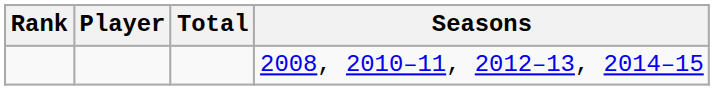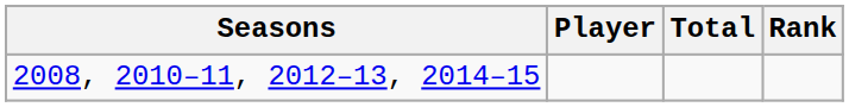 <table class="sortable wikitable" style="font-size:90%;">
 <tr>
-<th class=unsortable>Rank</th>
+<th class="unsortable">Seasons</th>
 <th>Player</th>
 <th>Total</th>
-<th class="unsortable">Seasons</th>
+<th class=unsortable>Rank</th>
 </tr>
 <tr>
-<td></td>
+<td><a href='#'>2008</a>, <a href='#'>2010–11</a>, <a href='#'>2012–13</a>, <a href='#'>2014–15</a></td>
 <td> </td>
 <td></td>
-<td><a href='#'>2008</a>, <a href='#'>2010–11</a>, <a href='#'>2012–13</a>, <a href='#'>2014–15</a></td>
+<td></td>
 </tr>
 </table>
